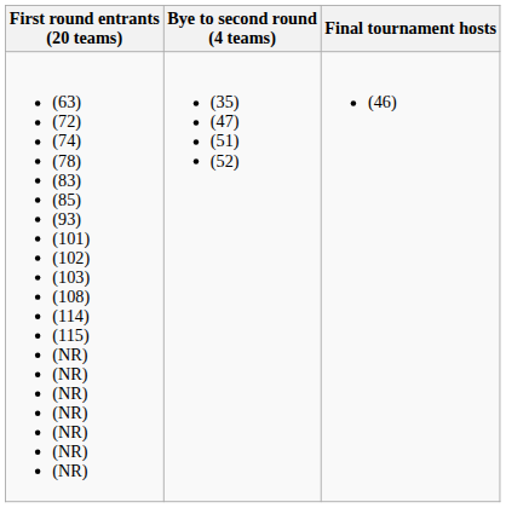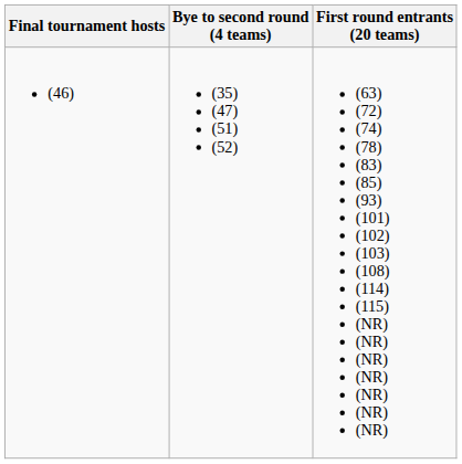 <table class="wikitable">
 <tr>
+<th>Final tournament hosts</th>
+<th>Bye to second round<br>(4 teams)</th>
 <th>First round entrants<br>(20 teams)</th>
-<th>Bye to second round<br>(4 teams)</th>
-<th>Final tournament hosts</th>
 </tr>
 <tr>
+<td valign=top><br><ul><li><strong></strong> (46)</li></ul></td>
+<td valign=top><br><ul><li><strong></strong> (35)</li><li><strong></strong> (47)</li><li><strong></strong> (51)</li><li><strong></strong> (52)</li></ul></td>
 <td valign=top><br><ul><li> (63)</li><li> (72)</li><li><strong></strong> (74)</li><li> (78)</li><li> (83)</li><li><strong></strong> (85)</li><li> (93)</li><li> (101)</li><li><strong></strong> (102)</li><li> (103)</li><li> (108)</li><li> (114)</li><li> (115)</li><li> (NR)</li><li> (NR)</li><li> (NR)</li><li> (NR)</li><li> (NR)</li><li> (NR)</li><li> (NR)</li></ul></td>
-<td valign=top><br><ul><li><strong></strong> (35)</li><li><strong></strong> (47)</li><li><strong></strong> (51)</li><li><strong></strong> (52)</li></ul></td>
-<td valign=top><br><ul><li><strong></strong> (46)</li></ul></td>
 </tr>
 </table>
